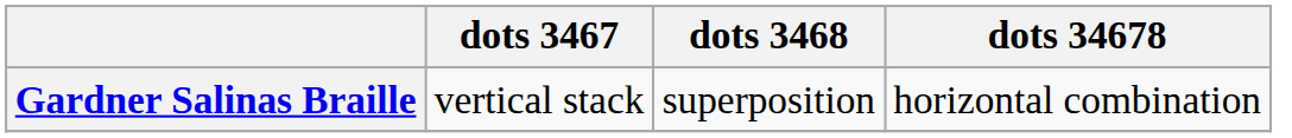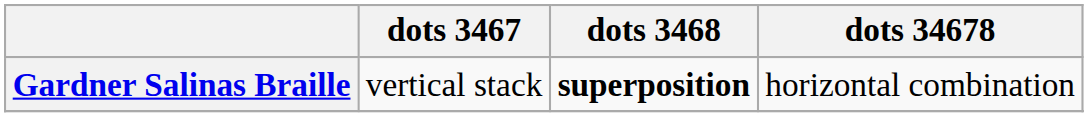 <table class="wikitable">
 <tr>
 <th></th>
 <th>dots 3467</th>
 <th>dots 3468</th>
 <th>dots 34678</th>
 </tr>
 <tr>
 <th align=left><a href='#'>Gardner Salinas Braille</a></th>
 <td>vertical stack</td>
-<td>superposition</td>
+<td><strong>superposition</strong></td>
 <td>horizontal combination</td>
 </tr>
 <tr>
 </tr>
 <tr>
 </tr>
 </table>
